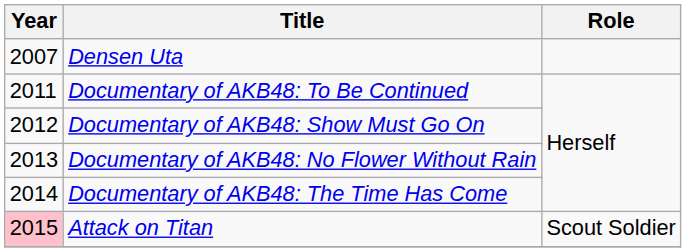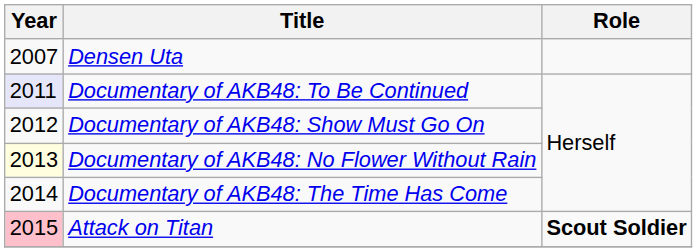 <table class="wikitable">
 <tr>
 <th>Year</th>
 <th>Title</th>
 <th>Role</th>
 </tr>
 <tr>
 <td>2007</td>
 <td><em><a href='#'>Densen Uta</a></em></td>
 <td></td>
 </tr>
 <tr>
-<td>2011</td>
+<td style="background: lavender;">2011</td>
 <td><em><a href='#'>Documentary of AKB48: To Be Continued</a></em></td>
 <td rowspan="4">Herself</td>
 </tr>
 <tr>
 <td>2012</td>
 <td><em><a href='#'>Documentary of AKB48: Show Must Go On</a></em></td>
 </tr>
 <tr>
-<td>2013</td>
+<td style="background: lightyellow;">2013</td>
 <td><em><a href='#'>Documentary of AKB48: No Flower Without Rain</a></em></td>
 </tr>
 <tr>
 <td>2014</td>
 <td><em><a href='#'>Documentary of AKB48: The Time Has Come</a></em></td>
 </tr>
 <tr>
 <td style="background: pink;">2015</td>
 <td><em><a href='#'>Attack on Titan</a></em></td>
-<td>Scout Soldier</td>
+<td><strong>Scout Soldier</strong></td>
 </tr>
 <tr>
 </tr>
 </table>
